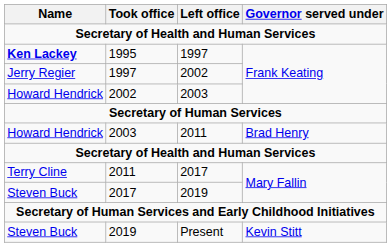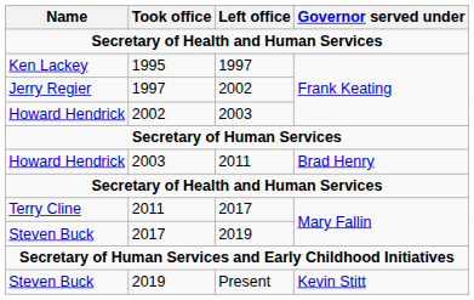 <table class="wikitable">
 <tr>
 <th>Name</th>
 <th>Took office</th>
 <th>Left office</th>
 <th><a href='#'>Governor</a> served under</th>
 </tr>
 <tr>
 <td colspan="4" align="center"><strong>Secretary of Health and Human Services</strong></td>
 </tr>
 <tr>
-<td><strong><a href='#'>Ken Lackey</a></strong></td>
+<td><a href='#'>Ken Lackey</a></td>
 <td>1995</td>
 <td>1997</td>
 <td rowspan=3 ><a href='#'>Frank Keating</a></td>
 </tr>
 <tr>
 <td><a href='#'>Jerry Regier</a></td>
 <td>1997</td>
 <td>2002</td>
 </tr>
 <tr>
 <td><a href='#'>Howard Hendrick</a></td>
 <td>2002</td>
 <td>2003</td>
 </tr>
 <tr>
 <td colspan="4" align="center"><strong>Secretary of Human Services</strong></td>
 </tr>
 <tr>
 <td><a href='#'>Howard Hendrick</a></td>
 <td>2003</td>
 <td>2011</td>
 <td><a href='#'>Brad Henry</a></td>
 </tr>
 <tr>
 <td colspan="4" align="center"><strong>Secretary of Health and Human Services</strong></td>
 </tr>
 <tr>
 <td><a href='#'>Terry Cline</a></td>
 <td>2011</td>
 <td>2017</td>
 <td rowspan=2 ><a href='#'>Mary Fallin</a></td>
 </tr>
 <tr>
 <td><a href='#'>Steven Buck</a></td>
 <td>2017</td>
 <td>2019</td>
 </tr>
 <tr>
 <td colspan="4" align="center"><strong>Secretary of Human Services and Early Childhood Initiatives</strong></td>
 </tr>
 <tr>
 <td><a href='#'>Steven Buck</a></td>
 <td>2019</td>
 <td>Present</td>
 <td><a href='#'>Kevin Stitt</a></td>
 </tr>
 </table>
